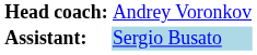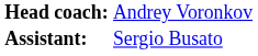 <table>
 <tr>
 <td><strong>Head coach:</strong></td>
 <td><a href='#'>Andrey Voronkov</a></td>
 </tr>
 <tr>
 <td><strong>Assistant:</strong></td>
-<td style="background: lightblue;"><a href='#'>Sergio Busato</a></td>
+<td><a href='#'>Sergio Busato</a></td>
 </tr>
 </table>
